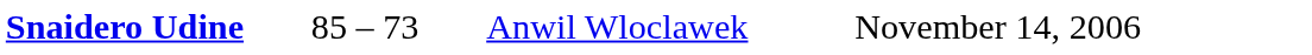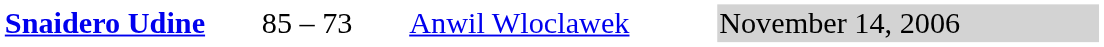 <table style="text-align:center">
 <tr>
 <th width=160></th>
 <th width=100></th>
 <th width=160></th>
 <th width=200></th>
 </tr>
 <tr>
 <td align=right><strong><a href='#'>Snaidero Udine</a></strong> </td>
 <td>85 – 73</td>
 <td align=left> <a href='#'>Anwil Wloclawek</a></td>
-<td align=left>November 14, 2006</td>
+<td align=left style="background: lightgrey;">November 14, 2006</td>
 </tr>
 </table>
